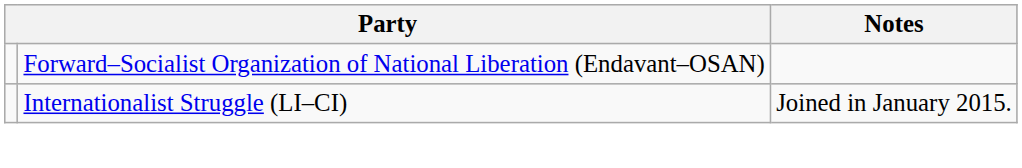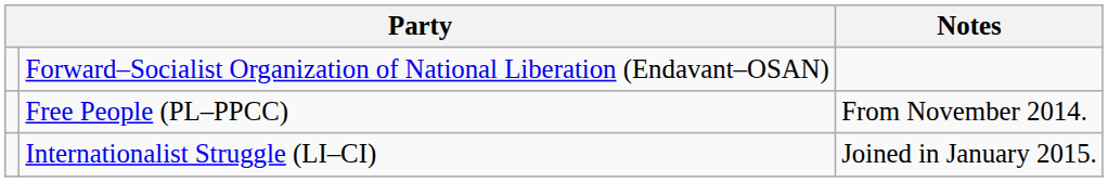 <table class="wikitable" style="text-align:left; font-size:100%;">
 <tr>
 <th colspan="2">Party</th>
 <th>Notes</th>
 </tr>
 <tr>
 <td width="1"></td>
 <td><a href='#'>Forward–Socialist Organization of National Liberation</a> (Endavant–OSAN)</td>
 <td></td>
 </tr>
 <tr>
 <td></td>
+<td><a href='#'>Free People</a> (PL–PPCC)</td>
+<td>From November 2014.</td>
+</tr>
+<tr>
+<td></td>
 <td><a href='#'>Internationalist Struggle</a> (LI–CI)</td>
 <td>Joined in January 2015.</td>
 </tr>
 </table>
